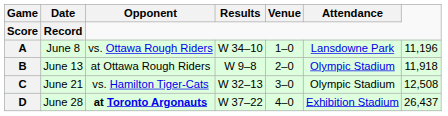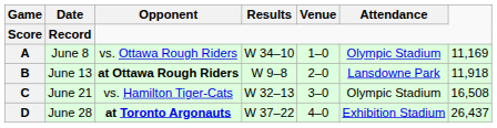 <table class="wikitable" style="text-align:center">
 <tr>
 <th scope="col">Game</th>
 <th scope="col">Date</th>
 <th scope="col">Opponent</th>
 <th scope="col">Results</th>
 <th scope="col">Venue</th>
 <th scope="col">Attendance</th>
 </tr>
 <tr>
 <th scope="col">Score</th>
 <th scope="col">Record</th>
 </tr>
 <tr style="background:#ddffdd">
 <th>A</th>
 <td>June 8</td>
 <td>vs. <a href='#'>Ottawa Rough Riders</a></td>
 <td>W 34–10</td>
 <td>1–0</td>
-<td><a href='#'>Lansdowne Park</a></td>
-<td>11,196</td>
+<td><a href='#'>Olympic Stadium</a></td>
+<td>11,169</td>
 </tr>
 <tr style="background:#ddffdd">
 <th>B</th>
 <td>June 13</td>
-<td>at Ottawa Rough Riders</td>
+<td><strong>at Ottawa Rough Riders</strong></td>
 <td>W 9–8</td>
 <td>2–0</td>
-<td><a href='#'>Olympic Stadium</a></td>
+<td><a href='#'>Lansdowne Park</a></td>
 <td>11,918</td>
 </tr>
 <tr style="background:#ddffdd">
 <th>C</th>
 <td>June 21</td>
 <td>vs. <a href='#'>Hamilton Tiger-Cats</a></td>
 <td>W 32–13</td>
 <td>3–0</td>
 <td>Olympic Stadium</td>
-<td>12,508</td>
+<td>16,508</td>
 </tr>
 <tr style="background:#ddffdd">
 <th>D</th>
 <td>June 28</td>
 <td><strong>at <a href='#'>Toronto Argonauts</a></strong></td>
 <td>W 37–22</td>
 <td>4–0</td>
 <td><a href='#'>Exhibition Stadium</a></td>
 <td>26,437</td>
 </tr>
 </table>
